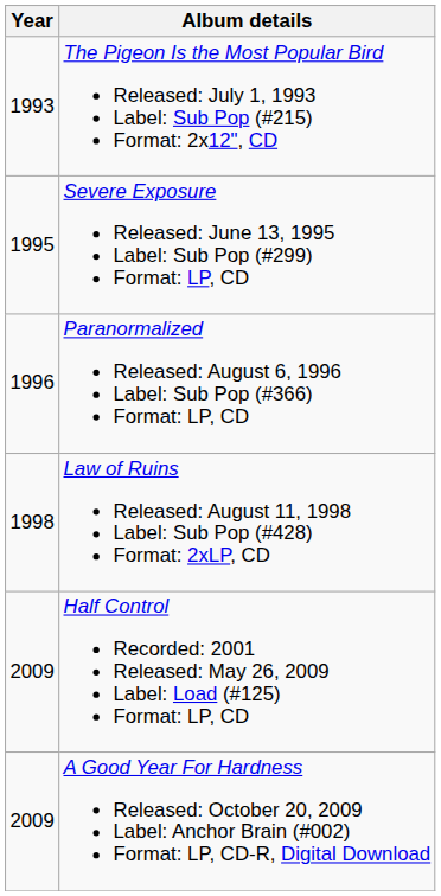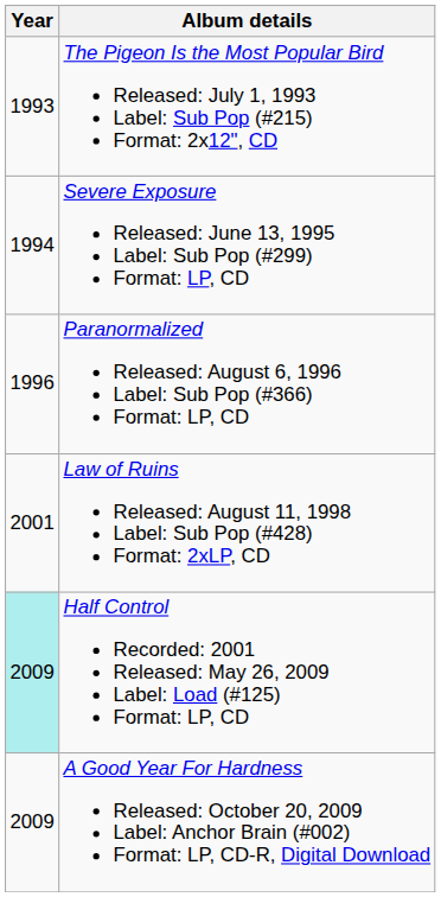 <table class ="wikitable">
 <tr>
 <th>Year</th>
 <th>Album details</th>
 </tr>
 <tr>
 <td>1993</td>
 <td><em><a href='#'>The Pigeon Is the Most Popular Bird</a></em><br><ul><li>Released: July 1, 1993</li><li>Label: <a href='#'>Sub Pop</a> (#215)</li><li>Format: 2x<a href='#'>12"</a>, <a href='#'>CD</a></li></ul></td>
 </tr>
 <tr>
-<td>1995</td>
+<td>1994</td>
 <td><em><a href='#'>Severe Exposure</a></em><br><ul><li>Released: June 13, 1995</li><li>Label: Sub Pop (#299)</li><li>Format: <a href='#'>LP</a>, CD</li></ul></td>
 </tr>
 <tr>
 <td>1996</td>
 <td><em><a href='#'>Paranormalized</a></em><br><ul><li>Released: August 6, 1996</li><li>Label: Sub Pop (#366)</li><li>Format: LP, CD</li></ul></td>
 </tr>
 <tr>
-<td>1998</td>
+<td>2001</td>
 <td><em><a href='#'>Law of Ruins</a></em><br><ul><li>Released: August 11, 1998</li><li>Label: Sub Pop (#428)</li><li>Format: <a href='#'>2xLP</a>, CD</li></ul></td>
 </tr>
 <tr>
-<td>2009</td>
+<td style="background: paleturquoise;">2009</td>
 <td><em><a href='#'>Half Control</a></em><br><ul><li>Recorded: 2001</li><li>Released: May 26, 2009</li><li>Label: <a href='#'>Load</a> (#125)</li><li>Format: LP, CD</li></ul></td>
 </tr>
 <tr>
 <td>2009</td>
 <td><em><a href='#'>A Good Year For Hardness</a></em><br><ul><li>Released: October 20, 2009</li><li>Label: Anchor Brain (#002)</li><li>Format: LP, CD-R, <a href='#'>Digital Download</a></li></ul></td>
 </tr>
 <tr>
 </tr>
 </table>
